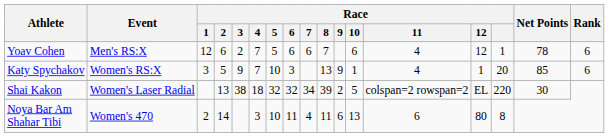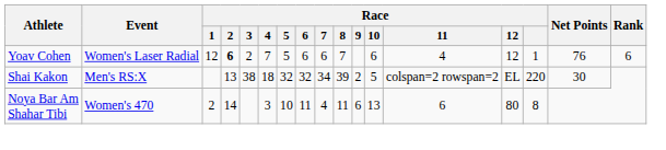 <table class="wikitable" style="font-size:90%; text-align:center">
 <tr>
 <th rowspan=2>Athlete</th>
 <th rowspan=2>Event</th>
 <th colspan=13>Race</th>
 <th rowspan=2>Net Points</th>
 <th rowspan=2>Rank</th>
 </tr>
 <tr style="font-size:95%">
 <th>1</th>
 <th>2</th>
 <th>3</th>
 <th>4</th>
 <th>5</th>
 <th>6</th>
 <th>7</th>
 <th>8</th>
 <th>9</th>
 <th>10</th>
 <th>11</th>
 <th>12</th>
 <th></th>
 </tr>
 <tr>
 <td align=left><a href='#'>Yoav Cohen</a></td>
-<td align=left><a href='#'>Men's RS:X</a></td>
+<td align=left><a href='#'>Women's Laser Radial</a></td>
 <td>12</td>
-<td>6</td>
+<td><strong>6</strong></td>
 <td>2</td>
 <td>7</td>
 <td>5</td>
 <td>6</td>
 <td>6</td>
 <td>7</td>
 <td></td>
 <td>6</td>
 <td>4</td>
 <td>12</td>
 <td>1</td>
-<td>78</td>
-<td>6</td>
-</tr>
-<tr>
-<td align=left><a href='#'>Katy Spychakov</a></td>
-<td align=left><a href='#'>Women's RS:X</a></td>
-<td>3</td>
-<td>5</td>
-<td>9</td>
-<td>7</td>
-<td>10</td>
-<td>3</td>
-<td></td>
-<td>13</td>
-<td>9</td>
-<td>1</td>
-<td>4</td>
-<td>1</td>
-<td>20</td>
-<td>85</td>
+<td>76</td>
 <td>6</td>
 </tr>
 <tr>
 <td align=left><a href='#'>Shai Kakon</a></td>
-<td align=left><a href='#'>Women's Laser Radial</a></td>
+<td align=left><a href='#'>Men's RS:X</a></td>
 <td></td>
 <td>13</td>
 <td>38</td>
 <td>18</td>
 <td>32</td>
 <td>32</td>
 <td>34</td>
 <td>39</td>
 <td>2</td>
 <td>5</td>
 <td>colspan=2 rowspan=2 </td>
 <td>EL</td>
 <td>220</td>
 <td>30</td>
 </tr>
 <tr>
 <td align=left><a href='#'>Noya Bar Am</a><br><a href='#'>Shahar Tibi</a></td>
 <td align=left><a href='#'>Women's 470</a></td>
 <td>2</td>
 <td>14</td>
 <td><br></td>
 <td>3</td>
 <td>10</td>
 <td>11</td>
 <td>4</td>
 <td>11</td>
 <td>6</td>
 <td>13</td>
 <td>6</td>
 <td>80</td>
 <td>8</td>
 </tr>
 </table>
